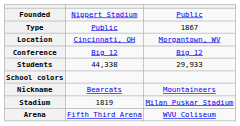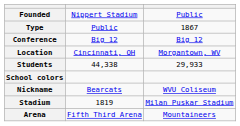 <table class="wikitable" style="float:right; clear:right; margin-left:1em; font-size:88%;">
 <tr>
 <th></th>
 <th><a href='#'></a></th>
 <th><a href='#'></a></th>
 </tr>
 <tr>
 <th scope=row>Founded</th>
 <td align=center><a href='#'>Nippert Stadium</a></td>
 <td align=center><a href='#'>Public</a></td>
 </tr>
 <tr>
 <th scope=row>Type</th>
 <td align=center><a href='#'>Public</a></td>
 <td align=center>1867</td>
 </tr>
 <tr>
+<th scope=row>Conference</th>
+<td align=center><a href='#'>Big 12</a></td>
+<td align=center><a href='#'>Big 12</a></td>
+</tr>
+<tr>
 <th scope=row>Location</th>
 <td align=center><a href='#'>Cincinnati, OH</a></td>
 <td align=center><a href='#'>Morgantown, WV</a></td>
-</tr>
-<tr>
-<th scope=row>Conference</th>
-<td align=center><a href='#'>Big 12</a></td>
-<td align=center><a href='#'>Big 12</a></td>
 </tr>
 <tr>
 <th scope=row>Students</th>
 <td align=center>44,338</td>
 <td align=center>29,933</td>
 </tr>
 <tr>
 <th scope=row>School colors</th>
 <td align=center> </td>
 <td align=center> </td>
 </tr>
 <tr>
 <th scope=row>Nickname</th>
 <td align=center><a href='#'>Bearcats</a></td>
-<td align=center><a href='#'>Mountaineers</a></td>
+<td align=center><a href='#'>WVU Coliseum</a></td>
 </tr>
 <tr>
 <th scope=row>Stadium</th>
 <td align=center>1819</td>
 <td align=center><a href='#'>Milan Puskar Stadium</a></td>
 </tr>
 <tr>
 <th scope=row>Arena</th>
 <td align=center><a href='#'>Fifth Third Arena</a></td>
-<td align=center><a href='#'>WVU Coliseum</a></td>
+<td align=center><a href='#'>Mountaineers</a></td>
 </tr>
 </table>
